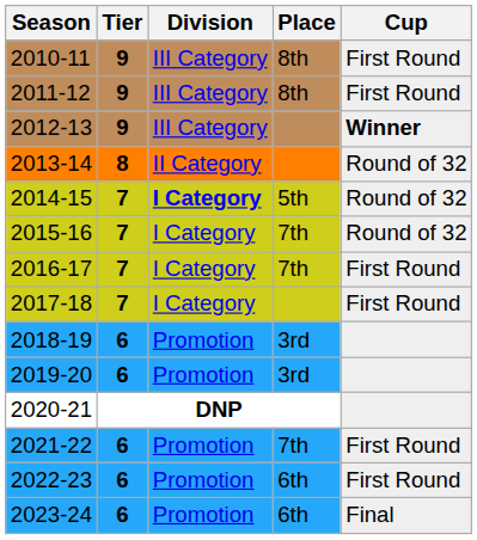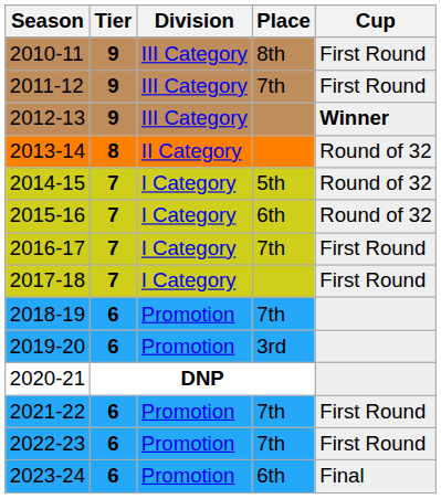 <table class="wikitable">
 <tr style="background:#f0f6fa;">
 <th>Season</th>
 <th>Tier</th>
 <th>Division</th>
 <th>Place</th>
 <th>Cup</th>
 </tr>
 <tr>
 <td style="background:#BF8D5B;">2010-11</td>
 <th style="background:#BF8D5B;">9</th>
 <td style="background:#BF8D5B;"><a href='#'>III Category</a></td>
 <td style="background:#BF8D5B;">8th</td>
 <td style="background:#efefef;">First Round</td>
 </tr>
 <tr>
 <td style="background:#BF8D5B;">2011-12</td>
 <th style="background:#BF8D5B;">9</th>
 <td style="background:#BF8D5B;"><a href='#'>III Category</a></td>
-<td style="background:#BF8D5B;">8th</td>
+<td style="background:#BF8D5B;">7th</td>
 <td style="background:#efefef;">First Round</td>
 </tr>
 <tr>
 <td style="background:#BF8D5B;">2012-13</td>
 <th style="background:#BF8D5B;">9</th>
 <td style="background:#BF8D5B;"><a href='#'>III Category</a></td>
 <td style="background:#BF8D5B;"></td>
 <td style="background:#efefef;"><strong>Winner</strong></td>
 </tr>
 <tr>
 <td style="background:#FF7F00;">2013-14</td>
 <th style="background:#FF7F00;">8</th>
 <td style="background:#FF7F00;"><a href='#'>II  Category</a></td>
 <td style="background:#FF7F00;"></td>
 <td style="background:#efefef;">Round of 32</td>
 </tr>
 <tr>
 <td style="background:#CECE1B;">2014-15</td>
 <th style="background:#CECE1B;">7</th>
-<td style="background:#CECE1B;"><strong><a href='#'>I Category</a></strong></td>
+<td style="background:#CECE1B;"><a href='#'>I Category</a></td>
 <td style="background:#CECE1B;">5th</td>
 <td style="background:#efefef;">Round of 32</td>
 </tr>
 <tr>
 <td style="background:#CECE1B;">2015-16</td>
 <th style="background:#CECE1B;">7</th>
 <td style="background:#CECE1B;"><a href='#'>I Category</a></td>
-<td style="background:#CECE1B;">7th</td>
+<td style="background:#CECE1B;">6th</td>
 <td style="background:#efefef;">Round of 32</td>
 </tr>
 <tr>
 <td style="background:#CECE1B;">2016-17</td>
 <th style="background:#CECE1B;">7</th>
 <td style="background:#CECE1B;"><a href='#'>I Category</a></td>
 <td style="background:#CECE1B;">7th</td>
 <td style="background:#efefef;">First Round</td>
 </tr>
 <tr>
 <td style="background:#CECE1B;">2017-18</td>
 <th style="background:#CECE1B;">7</th>
 <td style="background:#CECE1B;"><a href='#'>I Category</a></td>
 <td style="background:#CECE1B;"></td>
 <td style="background:#efefef;">First Round</td>
 </tr>
 <tr>
 <td style="background:#25A8F9;">2018-19</td>
 <th style="background:#25A8F9;">6</th>
 <td style="background:#25A8F9;"><a href='#'>Promotion</a></td>
-<td style="background:#25A8F9;">3rd</td>
+<td style="background:#25A8F9;">7th</td>
 <td style="background:#efefef;"></td>
 </tr>
 <tr>
 <td style="background:#25A8F9;">2019-20</td>
 <th style="background:#25A8F9;">6</th>
 <td style="background:#25A8F9;"><a href='#'>Promotion</a></td>
 <td style="background:#25A8F9;">3rd</td>
 <td style="background:#efefef;"></td>
 </tr>
 <tr>
 <td style="background:#FFFFFF;">2020-21</td>
 <th style="background:#FFFFFF;" colspan="3">DNP</th>
 <th style="background:#efefef;"></th>
 </tr>
 <tr>
 <td style="background:#25A8F9;">2021-22</td>
 <th style="background:#25A8F9;">6</th>
 <td style="background:#25A8F9;"><a href='#'>Promotion</a></td>
 <td style="background:#25A8F9;">7th</td>
 <td style="background:#efefef;">First Round</td>
 </tr>
 <tr>
 <td style="background:#25A8F9;">2022-23</td>
 <th style="background:#25A8F9;">6</th>
 <td style="background:#25A8F9;"><a href='#'>Promotion</a></td>
-<td style="background:#25A8F9;">6th</td>
+<td style="background:#25A8F9;">7th</td>
 <td style="background:#efefef;">First Round</td>
 </tr>
 <tr>
 <td style="background:#25A8F9;">2023-24</td>
 <th style="background:#25A8F9;">6</th>
 <td style="background:#25A8F9;"><a href='#'>Promotion</a></td>
 <td style="background:#25A8F9;">6th</td>
 <td style="background:#efefef;">Final</td>
 </tr>
 </table>
